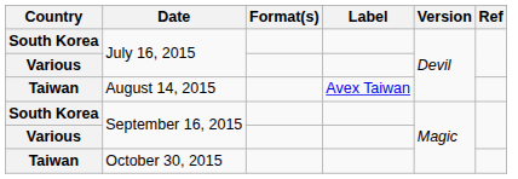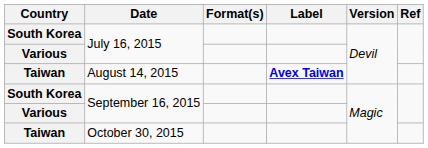 <table class="wikitable plainrowheaders">
 <tr>
 <th scope="col">Country</th>
 <th scope="col">Date</th>
 <th scope="col">Format(s)</th>
 <th scope="col">Label</th>
 <th scope="col">Version</th>
 <th scope="col">Ref</th>
 </tr>
 <tr>
 <th scope="row">South Korea</th>
 <td rowspan="2">July 16, 2015</td>
 <td></td>
 <td></td>
 <td rowspan="3"><em>Devil</em></td>
 <td rowspan="2"></td>
 </tr>
 <tr>
 <th scope="row">Various </th>
 <td></td>
 <td></td>
 </tr>
 <tr>
 <th scope="row">Taiwan</th>
 <td>August 14, 2015</td>
 <td></td>
-<td><a href='#'>Avex Taiwan</a></td>
+<td><strong><a href='#'>Avex Taiwan</a></strong></td>
 <td></td>
 </tr>
 <tr>
 <th scope="row">South Korea</th>
 <td rowspan="2">September 16, 2015</td>
 <td></td>
 <td></td>
 <td rowspan="3"><em>Magic</em></td>
 <td rowspan="2"></td>
 </tr>
 <tr>
 <th scope="row">Various </th>
 <td></td>
 <td></td>
 </tr>
 <tr>
 <th scope="row">Taiwan</th>
 <td>October 30, 2015</td>
 <td></td>
 <td></td>
 <td></td>
 </tr>
 </table>
